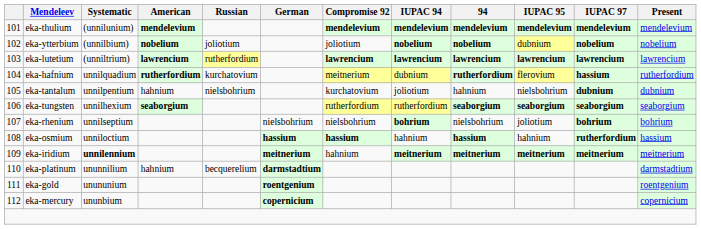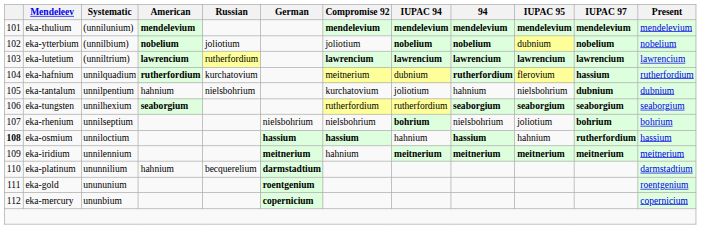 <table class="wikitable" style="margin:0; font-size:85%; white-space:nowrap;">
 <tr>
 <th></th>
 <th><a href='#'>Mendeleev</a></th>
 <th>Systematic</th>
 <th>American</th>
 <th>Russian</th>
 <th>German</th>
 <th>Compromise 92</th>
 <th>IUPAC 94</th>
 <th> 94</th>
 <th>IUPAC 95</th>
 <th>IUPAC 97</th>
 <th><strong>Present</strong></th>
 </tr>
 <tr>
 <td style="text-align: center;">101</td>
 <td>eka-thulium</td>
 <td>(unnilunium)</td>
 <td style="background: #DFD;"><strong>mendelevium</strong></td>
 <td></td>
 <td></td>
 <td style="background: #DFD;"><strong>mendelevium</strong></td>
 <td style="background: #DFD;"><strong>mendelevium</strong></td>
 <td style="background: #DFD;"><strong>mendelevium</strong></td>
 <td style="background: #DFD;"><strong>mendelevium</strong></td>
 <td style="background: #DFD;"><strong>mendelevium</strong></td>
 <td style="background: #DFD;"><a href='#'>mendelevium</a></td>
 </tr>
 <tr>
 <td style="text-align: center;">102</td>
 <td>eka-ytterbium</td>
 <td>(unnilbium)</td>
 <td style="background: #DFD;"><strong>nobelium</strong></td>
 <td>joliotium</td>
 <td></td>
 <td>joliotium</td>
 <td style="background: #DFD;"><strong>nobelium</strong></td>
 <td style="background: #DFD;"><strong>nobelium</strong></td>
 <td style="background: #FF9;">dubnium</td>
 <td style="background: #DFD;"><strong>nobelium</strong></td>
 <td style="background: #DFD;"><a href='#'>nobelium</a></td>
 </tr>
 <tr>
 <td style="text-align: center;">103</td>
 <td>eka-lutetium</td>
 <td>(unniltrium)</td>
 <td style="background: #DFD;"><strong>lawrencium</strong></td>
 <td style="background: #FF9;">rutherfordium</td>
 <td></td>
 <td style="background: #DFD;"><strong>lawrencium</strong></td>
 <td style="background: #DFD;"><strong>lawrencium</strong></td>
 <td style="background: #DFD;"><strong>lawrencium</strong></td>
 <td style="background: #DFD;"><strong>lawrencium</strong></td>
 <td style="background: #DFD;"><strong>lawrencium</strong></td>
 <td style="background: #DFD;"><a href='#'>lawrencium</a></td>
 </tr>
 <tr>
 <td style="text-align: center;">104</td>
 <td>eka-hafnium</td>
 <td>unnilquadium</td>
 <td style="background: #DFD;"><strong>rutherfordium</strong></td>
 <td>kurchatovium</td>
 <td></td>
 <td style="background: #FF9;">meitnerium</td>
 <td style="background: #FF9;">dubnium</td>
 <td style="background: #DFD;"><strong>rutherfordium</strong></td>
 <td style="background: #FF9;">flerovium</td>
 <td style="background: #DFD;"><strong>hassium</strong></td>
 <td style="background: #DFD;"><a href='#'>rutherfordium</a></td>
 </tr>
 <tr>
 <td style="text-align: center;">105</td>
 <td>eka-tantalum</td>
 <td>unnilpentium</td>
 <td>hahnium</td>
 <td>nielsbohrium</td>
 <td></td>
 <td>kurchatovium</td>
 <td>joliotium</td>
 <td>hahnium</td>
 <td>nielsbohrium</td>
 <td style="background: #DFD;"><strong>dubnium</strong></td>
 <td style="background: #DFD;"><a href='#'>dubnium</a></td>
 </tr>
 <tr>
 <td style="text-align: center;">106</td>
 <td>eka-tungsten</td>
 <td>unnilhexium</td>
 <td style="background: #DFD;"><strong>seaborgium</strong></td>
 <td></td>
 <td></td>
 <td style="background: #FF9;">rutherfordium</td>
 <td style="background: #FF9;">rutherfordium</td>
 <td style="background: #DFD;"><strong>seaborgium</strong></td>
 <td style="background: #DFD;"><strong>seaborgium</strong></td>
 <td style="background: #DFD;"><strong>seaborgium</strong></td>
 <td style="background: #DFD;"><a href='#'>seaborgium</a></td>
 </tr>
 <tr>
 <td style="text-align: center;">107</td>
 <td>eka-rhenium</td>
 <td>unnilseptium</td>
 <td></td>
 <td></td>
 <td>nielsbohrium</td>
 <td>nielsbohrium</td>
 <td style="background: #DFD;"><strong>bohrium</strong></td>
 <td>nielsbohrium</td>
 <td>joliotium</td>
 <td style="background: #DFD;"><strong>bohrium</strong></td>
 <td style="background: #DFD;"><a href='#'>bohrium</a></td>
 </tr>
 <tr>
-<td style="text-align: center;">108</td>
+<td style="text-align: center;"><strong>108</strong></td>
 <td>eka-osmium</td>
 <td>unniloctium</td>
 <td></td>
 <td></td>
 <td style="background: #DFD;"><strong>hassium</strong></td>
 <td style="background: #DFD;"><strong>hassium</strong></td>
 <td>hahnium</td>
 <td style="background: #DFD;"><strong>hassium</strong></td>
 <td>hahnium</td>
 <td style="background: #DFD;"><strong>rutherfordium</strong></td>
 <td style="background: #DFD;"><a href='#'>hassium</a></td>
 </tr>
 <tr>
 <td style="text-align: center;">109</td>
 <td>eka-iridium</td>
-<td><strong>unnilennium</strong></td>
+<td>unnilennium</td>
 <td></td>
 <td></td>
 <td style="background: #DFD;"><strong>meitnerium</strong></td>
 <td>hahnium</td>
 <td style="background: #DFD;"><strong>meitnerium</strong></td>
 <td style="background: #DFD;"><strong>meitnerium</strong></td>
 <td style="background: #DFD;"><strong>meitnerium</strong></td>
 <td style="background: #DFD;"><strong>meitnerium</strong></td>
 <td style="background: #DFD;"><a href='#'>meitnerium</a></td>
 </tr>
 <tr>
 <td style="text-align: center;">110</td>
 <td>eka-platinum</td>
 <td>ununnilium</td>
 <td>hahnium</td>
 <td>becquerelium</td>
 <td style="background: #DFD;"><strong>darmstadtium</strong></td>
 <td></td>
 <td></td>
 <td></td>
 <td></td>
 <td></td>
 <td style="background: #DFD;"><a href='#'>darmstadtium</a></td>
 </tr>
 <tr>
 <td style="text-align: center;">111</td>
 <td>eka-gold</td>
 <td>unununium</td>
 <td></td>
 <td></td>
 <td style="background: #DFD;"><strong>roentgenium</strong></td>
 <td></td>
 <td></td>
 <td></td>
 <td></td>
 <td></td>
 <td style="background: #DFD;"><a href='#'>roentgenium</a></td>
 </tr>
 <tr>
 <td style="text-align: center;">112</td>
 <td>eka-mercury</td>
 <td>ununbium</td>
 <td></td>
 <td></td>
 <td style="background: #DFD;"><strong>copernicium</strong></td>
 <td></td>
 <td></td>
 <td></td>
 <td></td>
 <td></td>
 <td style="background: #DFD;"><a href='#'>copernicium</a></td>
 </tr>
 <tr>
 <td colspan=12><br> </td>
 </tr>
 </table>
